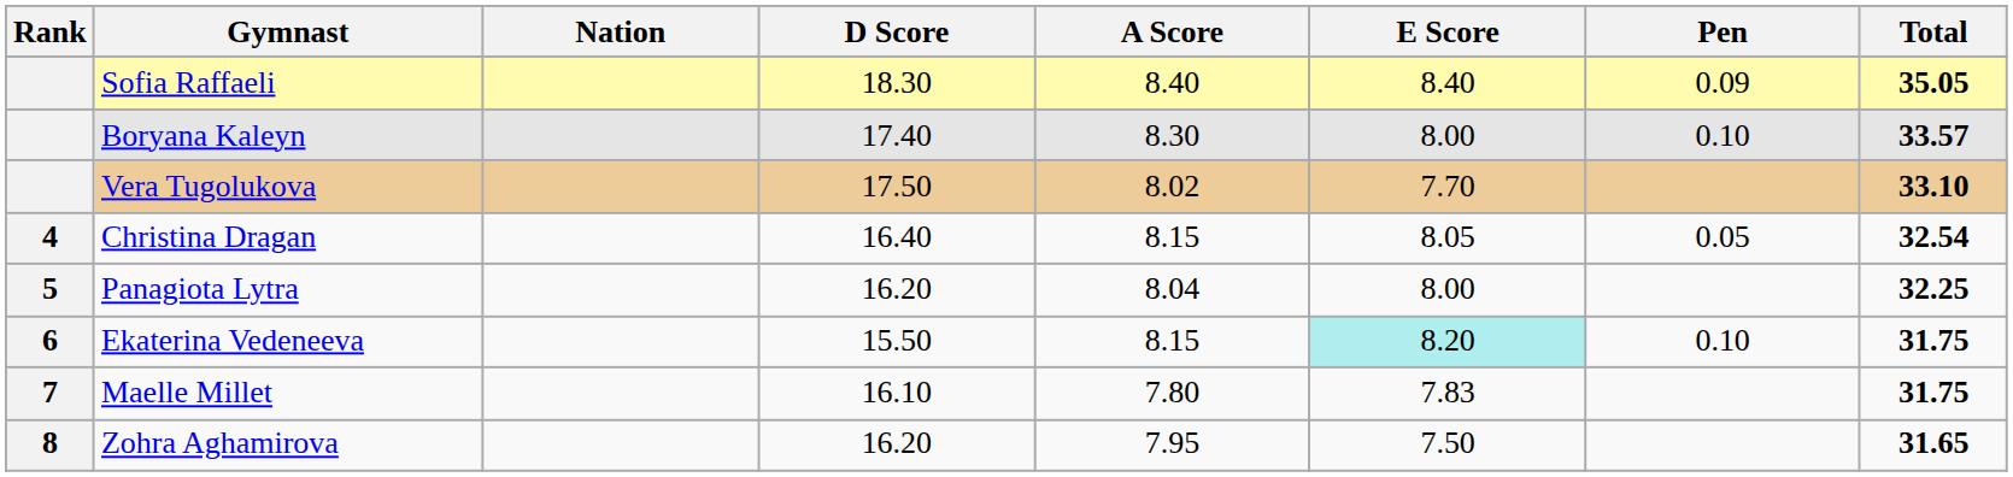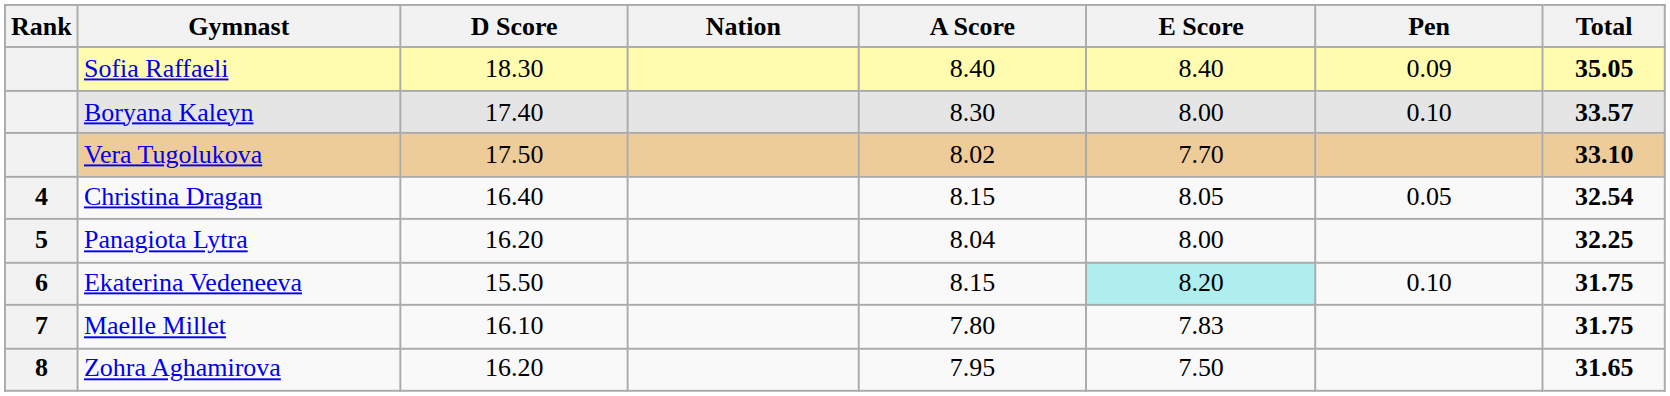 <table class="wikitable sortable" style="text-align:center; font-size:85%">
 <tr>
 <th scope="col" style="width:20px;">Rank</th>
 <th ! scope="col" style="width:170px;">Gymnast</th>
+<th ! scope="col" style="width:120px;">D Score</th>
 <th ! scope="col" style="width:120px;">Nation</th>
-<th ! scope="col" style="width:120px;">D Score</th>
 <th ! scope="col" style="width:120px;">A Score</th>
 <th ! scope="col" style="width:120px;">E Score</th>
 <th ! scope="col" style="width:120px;">Pen</th>
 <th scope="col" style="width:60px;" !>Total</th>
 </tr>
 <tr bgcolor=fffcaf>
 <th scope=row></th>
 <td align=left><a href='#'>Sofia Raffaeli</a></td>
+<td>18.30</td>
 <td style="text-align:left;"></td>
-<td>18.30</td>
 <td>8.40</td>
 <td>8.40</td>
 <td>0.09</td>
 <td><strong>35.05</strong></td>
 </tr>
 <tr bgcolor=e5e5e5>
 <th scope=row></th>
 <td align=left><a href='#'>Boryana Kaleyn</a></td>
+<td>17.40</td>
 <td style="text-align:left;"></td>
-<td>17.40</td>
 <td>8.30</td>
 <td>8.00</td>
 <td>0.10</td>
 <td><strong>33.57</strong></td>
 </tr>
 <tr bgcolor=eecc99>
 <th scope=row></th>
 <td align=left><a href='#'>Vera Tugolukova</a></td>
+<td>17.50</td>
 <td style="text-align:left;"></td>
-<td>17.50</td>
 <td>8.02</td>
 <td>7.70</td>
 <td></td>
 <td><strong>33.10</strong></td>
 </tr>
 <tr>
 <th scope=row>4</th>
 <td align=left><a href='#'>Christina Dragan</a></td>
+<td>16.40</td>
 <td style="text-align:left;"></td>
-<td>16.40</td>
 <td>8.15</td>
 <td>8.05</td>
 <td>0.05</td>
 <td><strong>32.54</strong></td>
 </tr>
 <tr>
 <th scope=row>5</th>
 <td align=left><a href='#'>Panagiota Lytra</a></td>
+<td>16.20</td>
 <td style="text-align:left;"></td>
-<td>16.20</td>
 <td>8.04</td>
 <td>8.00</td>
 <td></td>
 <td><strong>32.25</strong></td>
 </tr>
 <tr>
 <th scope=row>6</th>
 <td align=left><a href='#'>Ekaterina Vedeneeva</a></td>
+<td>15.50</td>
 <td style="text-align:left;"></td>
-<td>15.50</td>
 <td>8.15</td>
 <td style="background: paleturquoise;">8.20</td>
 <td>0.10</td>
 <td><strong>31.75</strong></td>
 </tr>
 <tr>
 <th scope=row>7</th>
 <td align=left><a href='#'>Maelle Millet</a></td>
+<td>16.10</td>
 <td style="text-align:left;"></td>
-<td>16.10</td>
 <td>7.80</td>
 <td>7.83</td>
 <td></td>
 <td><strong>31.75</strong></td>
 </tr>
 <tr>
 <th scope=row>8</th>
 <td align=left><a href='#'>Zohra Aghamirova</a></td>
+<td>16.20</td>
 <td style="text-align:left;"></td>
-<td>16.20</td>
 <td>7.95</td>
 <td>7.50</td>
 <td></td>
 <td><strong>31.65</strong></td>
 </tr>
 </table>
